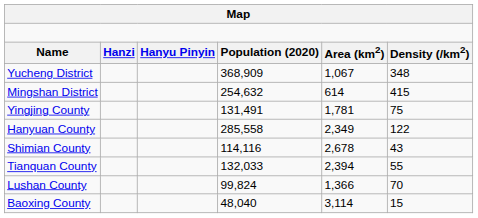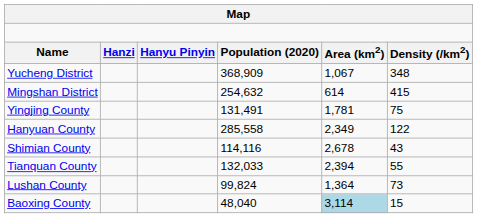 <table class="wikitable"  style="font-size:90%;" align=center>
 <tr>
 <th colspan="6" align="center">Map</th>
 </tr>
 <tr>
 <td colspan="6" align="center"><div><br>           </div></td>
 </tr>
 <tr>
 <th>Name</th>
 <th><a href='#'>Hanzi</a></th>
 <th><a href='#'>Hanyu Pinyin</a></th>
 <th>Population (2020)</th>
 <th>Area (km<sup>2</sup>)</th>
 <th>Density (/km<sup>2</sup>)</th>
 </tr>
 <tr --------->
 <td><a href='#'>Yucheng District</a></td>
 <td></td>
 <td></td>
 <td>368,909</td>
 <td>1,067</td>
 <td>348</td>
 </tr>
 <tr --------->
 <td><a href='#'>Mingshan District</a></td>
 <td></td>
 <td></td>
 <td>254,632</td>
 <td>614</td>
 <td>415</td>
 </tr>
 <tr -------->
 <td><a href='#'>Yingjing County</a></td>
 <td></td>
 <td></td>
 <td>131,491</td>
 <td>1,781</td>
 <td>75</td>
 </tr>
 <tr --------->
 <td><a href='#'>Hanyuan County</a></td>
 <td></td>
 <td></td>
 <td>285,558</td>
 <td>2,349</td>
 <td>122</td>
 </tr>
 <tr --------->
 <td><a href='#'>Shimian County</a></td>
 <td></td>
 <td></td>
 <td>114,116</td>
 <td>2,678</td>
 <td>43</td>
 </tr>
 <tr --------->
 <td><a href='#'>Tianquan County</a></td>
 <td></td>
 <td></td>
 <td>132,033</td>
 <td>2,394</td>
 <td>55</td>
 </tr>
 <tr --------->
 <td><a href='#'>Lushan County</a></td>
 <td></td>
 <td></td>
 <td>99,824</td>
-<td>1,366</td>
-<td>70</td>
+<td>1,364</td>
+<td>73</td>
 </tr>
 <tr --------->
 <td><a href='#'>Baoxing County</a></td>
 <td></td>
 <td></td>
 <td>48,040</td>
-<td>3,114</td>
+<td style="background: lightblue;">3,114</td>
 <td>15</td>
 </tr>
 </table>
